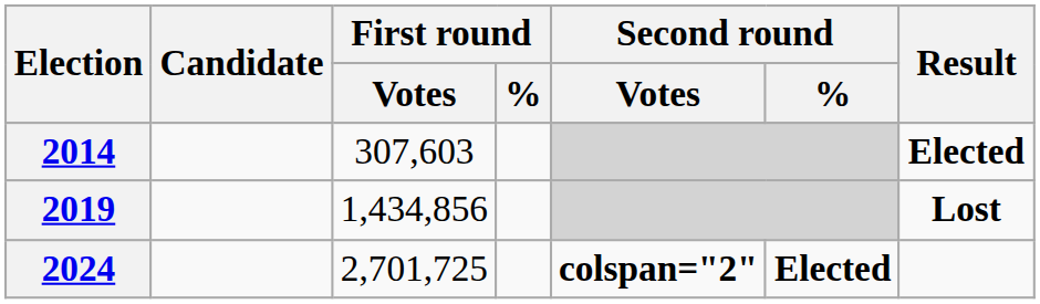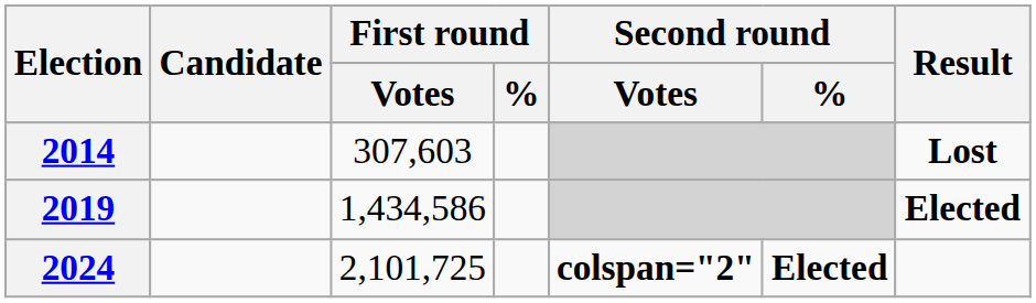 <table class="wikitable" style="text-align:center">
 <tr>
 <th rowspan="2"><strong>Election</strong></th>
 <th rowspan="2">Candidate</th>
 <th colspan="2" scope="col">First round</th>
 <th colspan="2">Second round</th>
 <th rowspan="2">Result</th>
 </tr>
 <tr>
 <th><strong>Votes</strong></th>
 <th><strong>%</strong></th>
 <th><strong>Votes</strong></th>
 <th><strong>%</strong></th>
 </tr>
 <tr>
 <th><a href='#'>2014</a></th>
 <td></td>
 <td>307,603</td>
 <td></td>
 <td bgcolor=lightgrey colspan=2></td>
-<td><strong>Elected</strong> </td>
+<td><strong>Lost</strong> </td>
 </tr>
 <tr>
 <th><a href='#'>2019</a></th>
 <td></td>
-<td>1,434,856</td>
+<td>1,434,586</td>
 <td></td>
 <td bgcolor=lightgrey colspan=2></td>
-<td><strong>Lost</strong> </td>
+<td><strong>Elected</strong> </td>
 </tr>
 <tr>
 <th><a href='#'>2024</a></th>
 <td></td>
-<td>2,701,725</td>
+<td>2,101,725</td>
 <td></td>
 <td><strong>colspan="2" </strong></td>
 <td><strong>Elected</strong> </td>
 </tr>
 </table>
